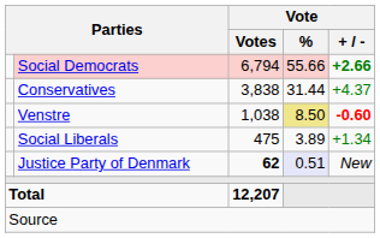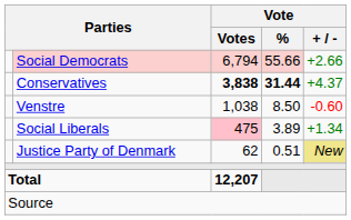 <table class="wikitable" style="text-align:right;">
 <tr>
 <th style="text-align:centre;" rowspan="2" colspan="2" width="225">Parties</th>
 <th colspan="3">Vote</th>
 </tr>
 <tr>
 <th width="15">Votes</th>
 <th width="15">%</th>
 <th width="15">+ / -</th>
 </tr>
 <tr>
 <td width="2" style="color:inherit;background:"></td>
 <td bgcolor=#fbd0ce  align="left"><a href='#'>Social Democrats</a></td>
 <td bgcolor=#fbd0ce>6,794</td>
 <td bgcolor=#fbd0ce>55.66</td>
-<td style=color:green;><strong>+2.66</strong></td>
+<td style=color:green;>+2.66</td>
 </tr>
 <tr>
 <td width="2" style="color:inherit;background:"></td>
 <td align="left"><a href='#'>Conservatives</a></td>
-<td>3,838</td>
-<td>31.44</td>
+<td><strong>3,838</strong></td>
+<td><strong>31.44</strong></td>
 <td style=color:green;>+4.37</td>
 </tr>
 <tr>
 <td width="2" style="color:inherit;background:"></td>
 <td align="left"><a href='#'>Venstre</a></td>
 <td>1,038</td>
-<td style="background: khaki;">8.50</td>
-<td style=color:red;><strong>-0.60</strong></td>
+<td>8.50</td>
+<td style=color:red;>-0.60</td>
 </tr>
 <tr>
 <td width="2" style="color:inherit;background:"></td>
 <td align="left"><a href='#'>Social Liberals</a></td>
-<td>475</td>
+<td style="background: pink;">475</td>
 <td>3.89</td>
 <td style=color:green;>+1.34</td>
 </tr>
 <tr>
 <td width="2" style="color:inherit;background:"></td>
 <td align="left"><a href='#'>Justice Party of Denmark</a></td>
-<td><strong>62</strong></td>
-<td style="background: lavender;">0.51</td>
-<td><em>New</em></td>
+<td>62</td>
+<td>0.51</td>
+<td style="background: khaki;"><em>New</em></td>
 </tr>
 <tr>
 <td colspan="7" bgcolor="#E9E9E9"></td>
 </tr>
 <tr>
 <td align="left" colspan="2"><strong>Total</strong></td>
 <td><strong>12,207</strong></td>
 <td bgcolor="#E9E9E9" colspan="2"></td>
 </tr>
 <tr>
 <td align="left" colspan="6">Source</td>
 </tr>
 </table>
